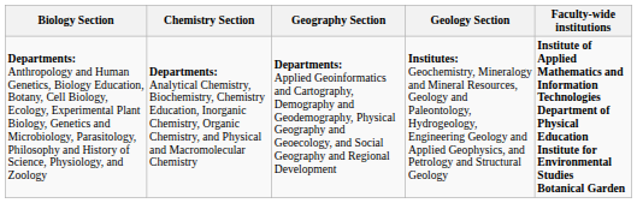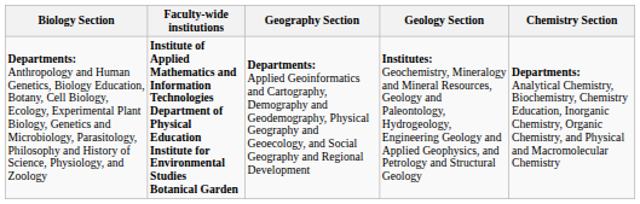 <table class="wikitable">
 <tr>
 <th>Biology Section</th>
-<th>Chemistry Section</th>
+<th>Faculty-wide institutions</th>
 <th>Geography Section</th>
 <th>Geology Section</th>
-<th>Faculty-wide institutions</th>
+<th>Chemistry Section</th>
 </tr>
 <tr>
 <td><strong>Departments:</strong><br>Anthropology and Human Genetics, Biology Education, Botany, Cell Biology, Ecology, Experimental Plant Biology, Genetics and Microbiology, Parasitology, Philosophy and History of Science, Physiology, and Zoology</td>
-<td><strong>Departments:</strong><br>Analytical Chemistry, Biochemistry, Chemistry Education, Inorganic Chemistry, Organic Chemistry, and Physical and Macromolecular Chemistry</td>
+<td><strong>Institute of Applied Mathematics and Information Technologies</strong><br><strong>Department of Physical Education</strong><br><strong>Institute for Environmental Studies</strong><br><strong>Botanical Garden</strong></td>
 <td><strong>Departments:</strong><br>Applied Geoinformatics and Cartography, Demography and Geodemography, Physical Geography and Geoecology, and Social Geography and Regional Development</td>
 <td><strong>Institutes:</strong><br>Geochemistry, Mineralogy and Mineral Resources, Geology and Paleontology, Hydrogeology, Engineering Geology and Applied Geophysics, and Petrology and Structural Geology</td>
-<td><strong>Institute of Applied Mathematics and Information Technologies</strong><br><strong>Department of Physical Education</strong><br><strong>Institute for Environmental Studies</strong><br><strong>Botanical Garden</strong></td>
+<td><strong>Departments:</strong><br>Analytical Chemistry, Biochemistry, Chemistry Education, Inorganic Chemistry, Organic Chemistry, and Physical and Macromolecular Chemistry</td>
 </tr>
 </table>
